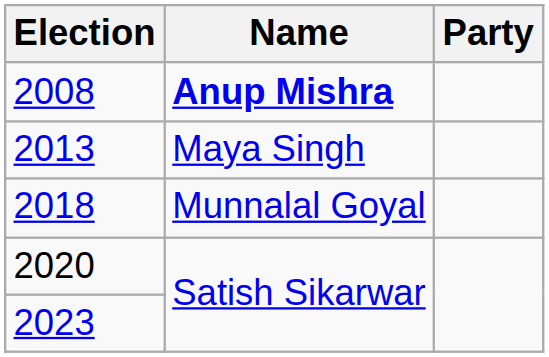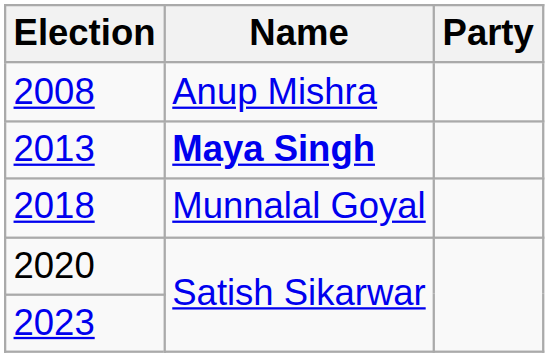 <table class="wikitable sortable">
 <tr>
 <th>Election</th>
 <th>Name</th>
 <th colspan="2">Party</th>
 </tr>
 <tr>
 <td><a href='#'>2008</a></td>
-<td><strong><a href='#'>Anup Mishra</a></strong></td>
+<td><a href='#'>Anup Mishra</a></td>
 <td></td>
 </tr>
 <tr>
 <td><a href='#'>2013</a></td>
-<td><a href='#'>Maya Singh</a></td>
+<td><strong><a href='#'>Maya Singh</a></strong></td>
 </tr>
 <tr>
 <td><a href='#'>2018</a></td>
 <td><a href='#'>Munnalal Goyal</a></td>
 <td></td>
 </tr>
 <tr>
 <td>2020</td>
 <td rowspan=2><a href='#'>Satish Sikarwar</a></td>
 </tr>
 <tr>
 <td><a href='#'>2023</a></td>
 </tr>
 </table>
